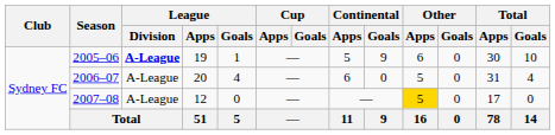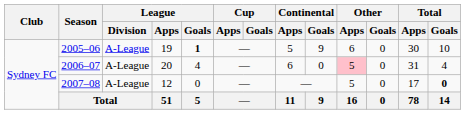 <table class="wikitable" style="text-align:center">
 <tr>
 <th rowspan="2">Club</th>
 <th rowspan="2">Season</th>
 <th colspan="3">League</th>
 <th colspan="2">Cup</th>
 <th colspan="2">Continental</th>
 <th colspan="2">Other</th>
 <th colspan="2">Total</th>
 </tr>
 <tr>
 <th>Division</th>
 <th>Apps</th>
 <th>Goals</th>
 <th>Apps</th>
 <th>Goals</th>
 <th>Apps</th>
 <th>Goals</th>
 <th>Apps</th>
 <th>Goals</th>
 <th>Apps</th>
 <th>Goals</th>
 </tr>
 <tr>
 <td rowspan="4"><a href='#'>Sydney FC</a></td>
 <td><a href='#'>2005–06</a></td>
-<td><strong><a href='#'>A-League</a></strong></td>
+<td><a href='#'>A-League</a></td>
 <td>19</td>
-<td>1</td>
+<td><strong>1</strong></td>
 <td colspan="2">—</td>
 <td>5</td>
 <td>9</td>
 <td>6</td>
 <td>0</td>
 <td>30</td>
 <td>10</td>
 </tr>
 <tr>
 <td><a href='#'>2006–07</a></td>
 <td>A-League</td>
 <td>20</td>
 <td>4</td>
 <td colspan="2">—</td>
 <td>6</td>
 <td>0</td>
-<td>5</td>
+<td style="background: pink;">5</td>
 <td>0</td>
 <td>31</td>
 <td>4</td>
 </tr>
 <tr>
 <td><a href='#'>2007–08</a></td>
 <td>A-League</td>
 <td>12</td>
 <td>0</td>
 <td colspan="2">—</td>
 <td colspan="2">—</td>
-<td style="background: gold;">5</td>
+<td>5</td>
 <td>0</td>
 <td>17</td>
-<td>0</td>
+<td><strong>0</strong></td>
 </tr>
 <tr>
 <th colspan="2">Total</th>
 <th>51</th>
 <th>5</th>
 <th colspan="2">—</th>
 <th>11</th>
 <th>9</th>
 <th>16</th>
 <th>0</th>
 <th>78</th>
 <th>14</th>
 </tr>
 </table>
